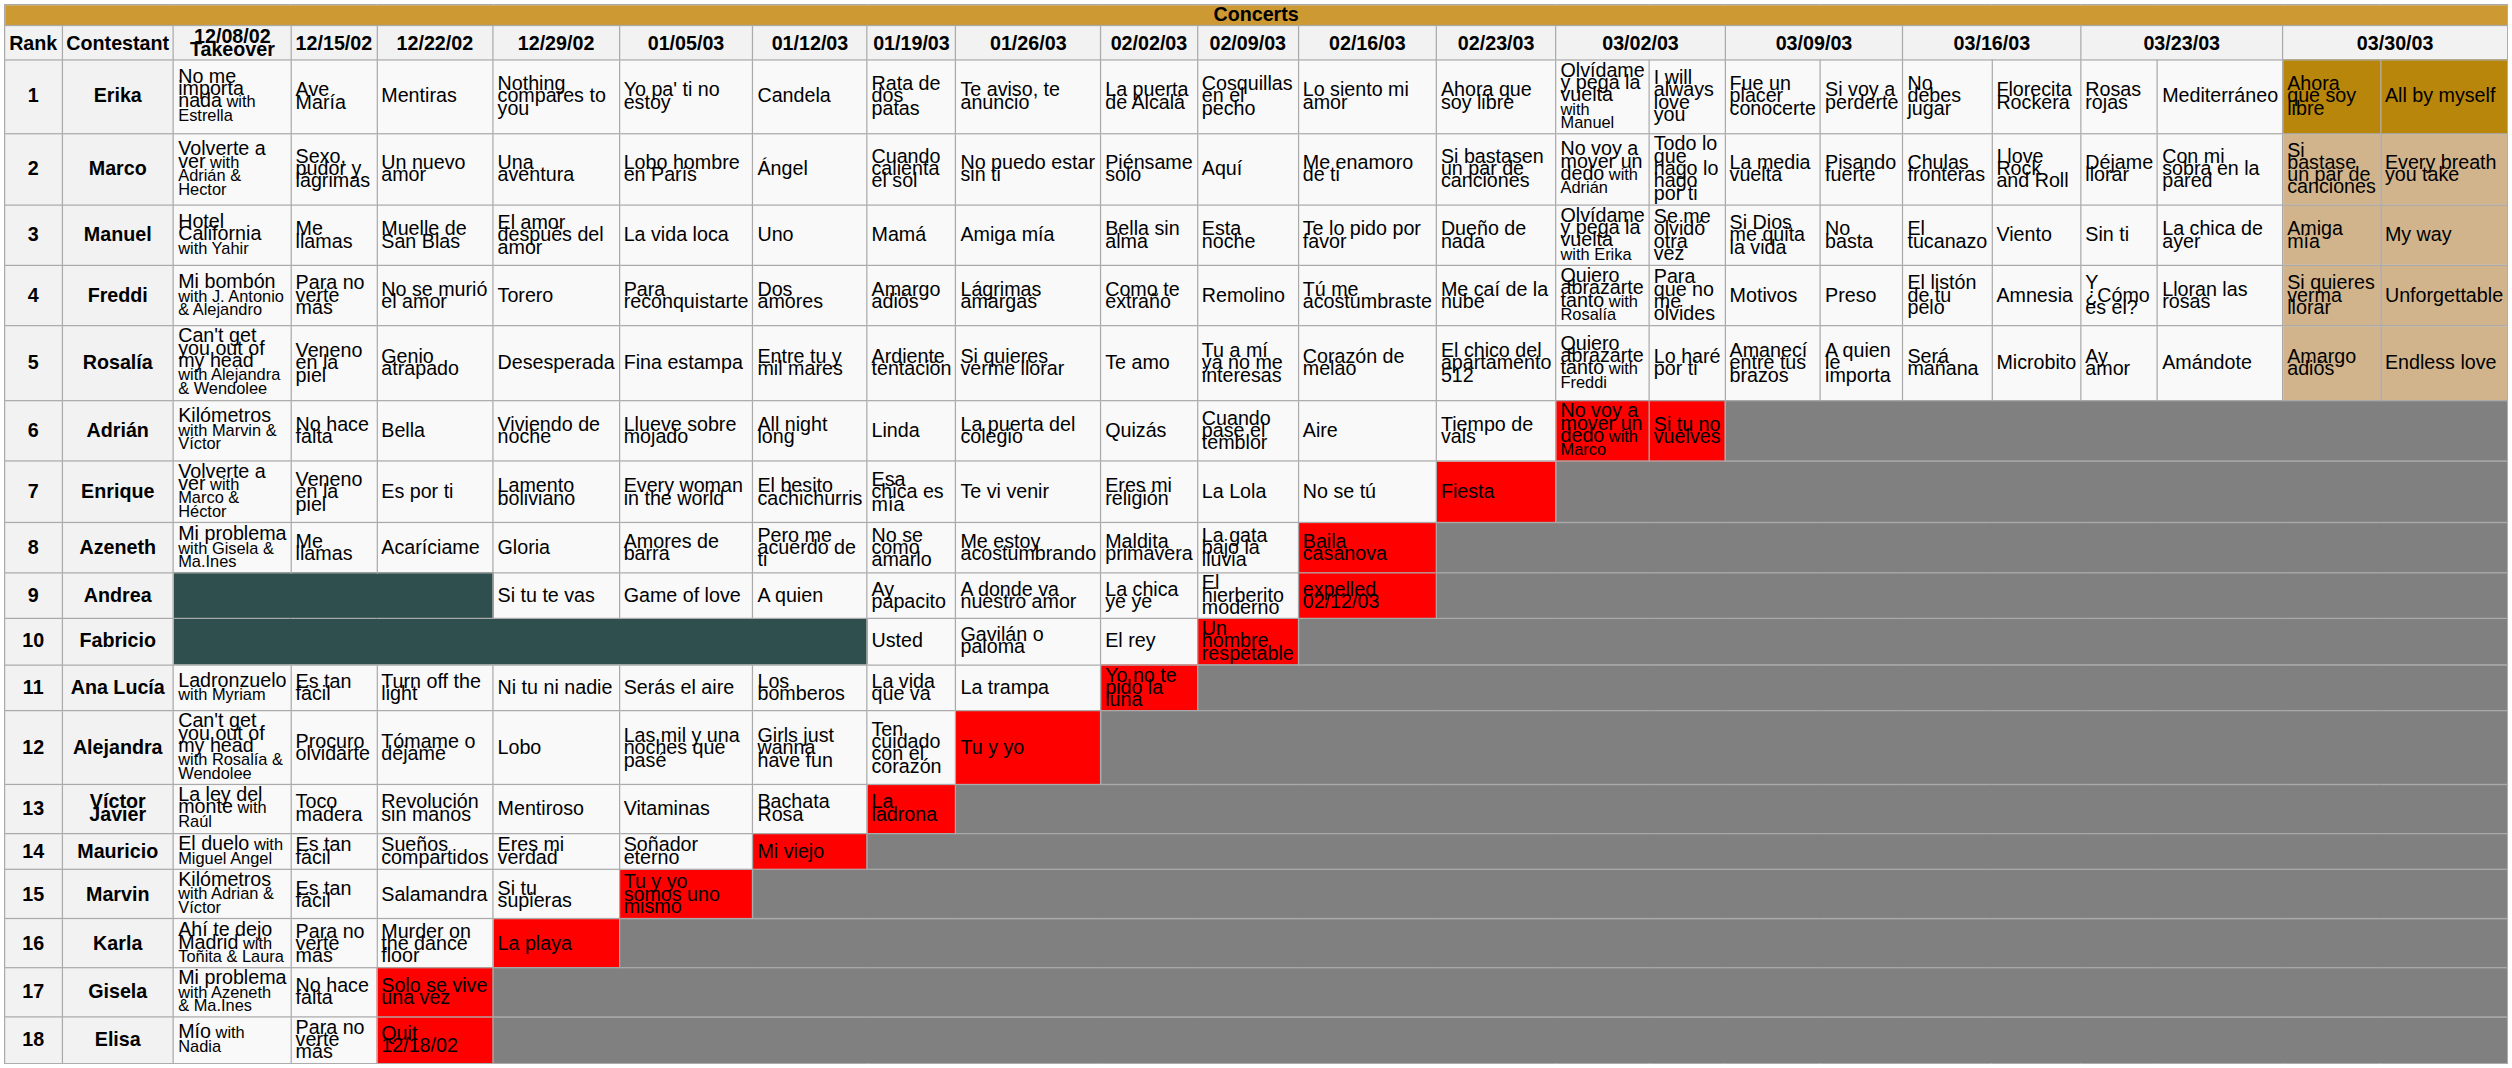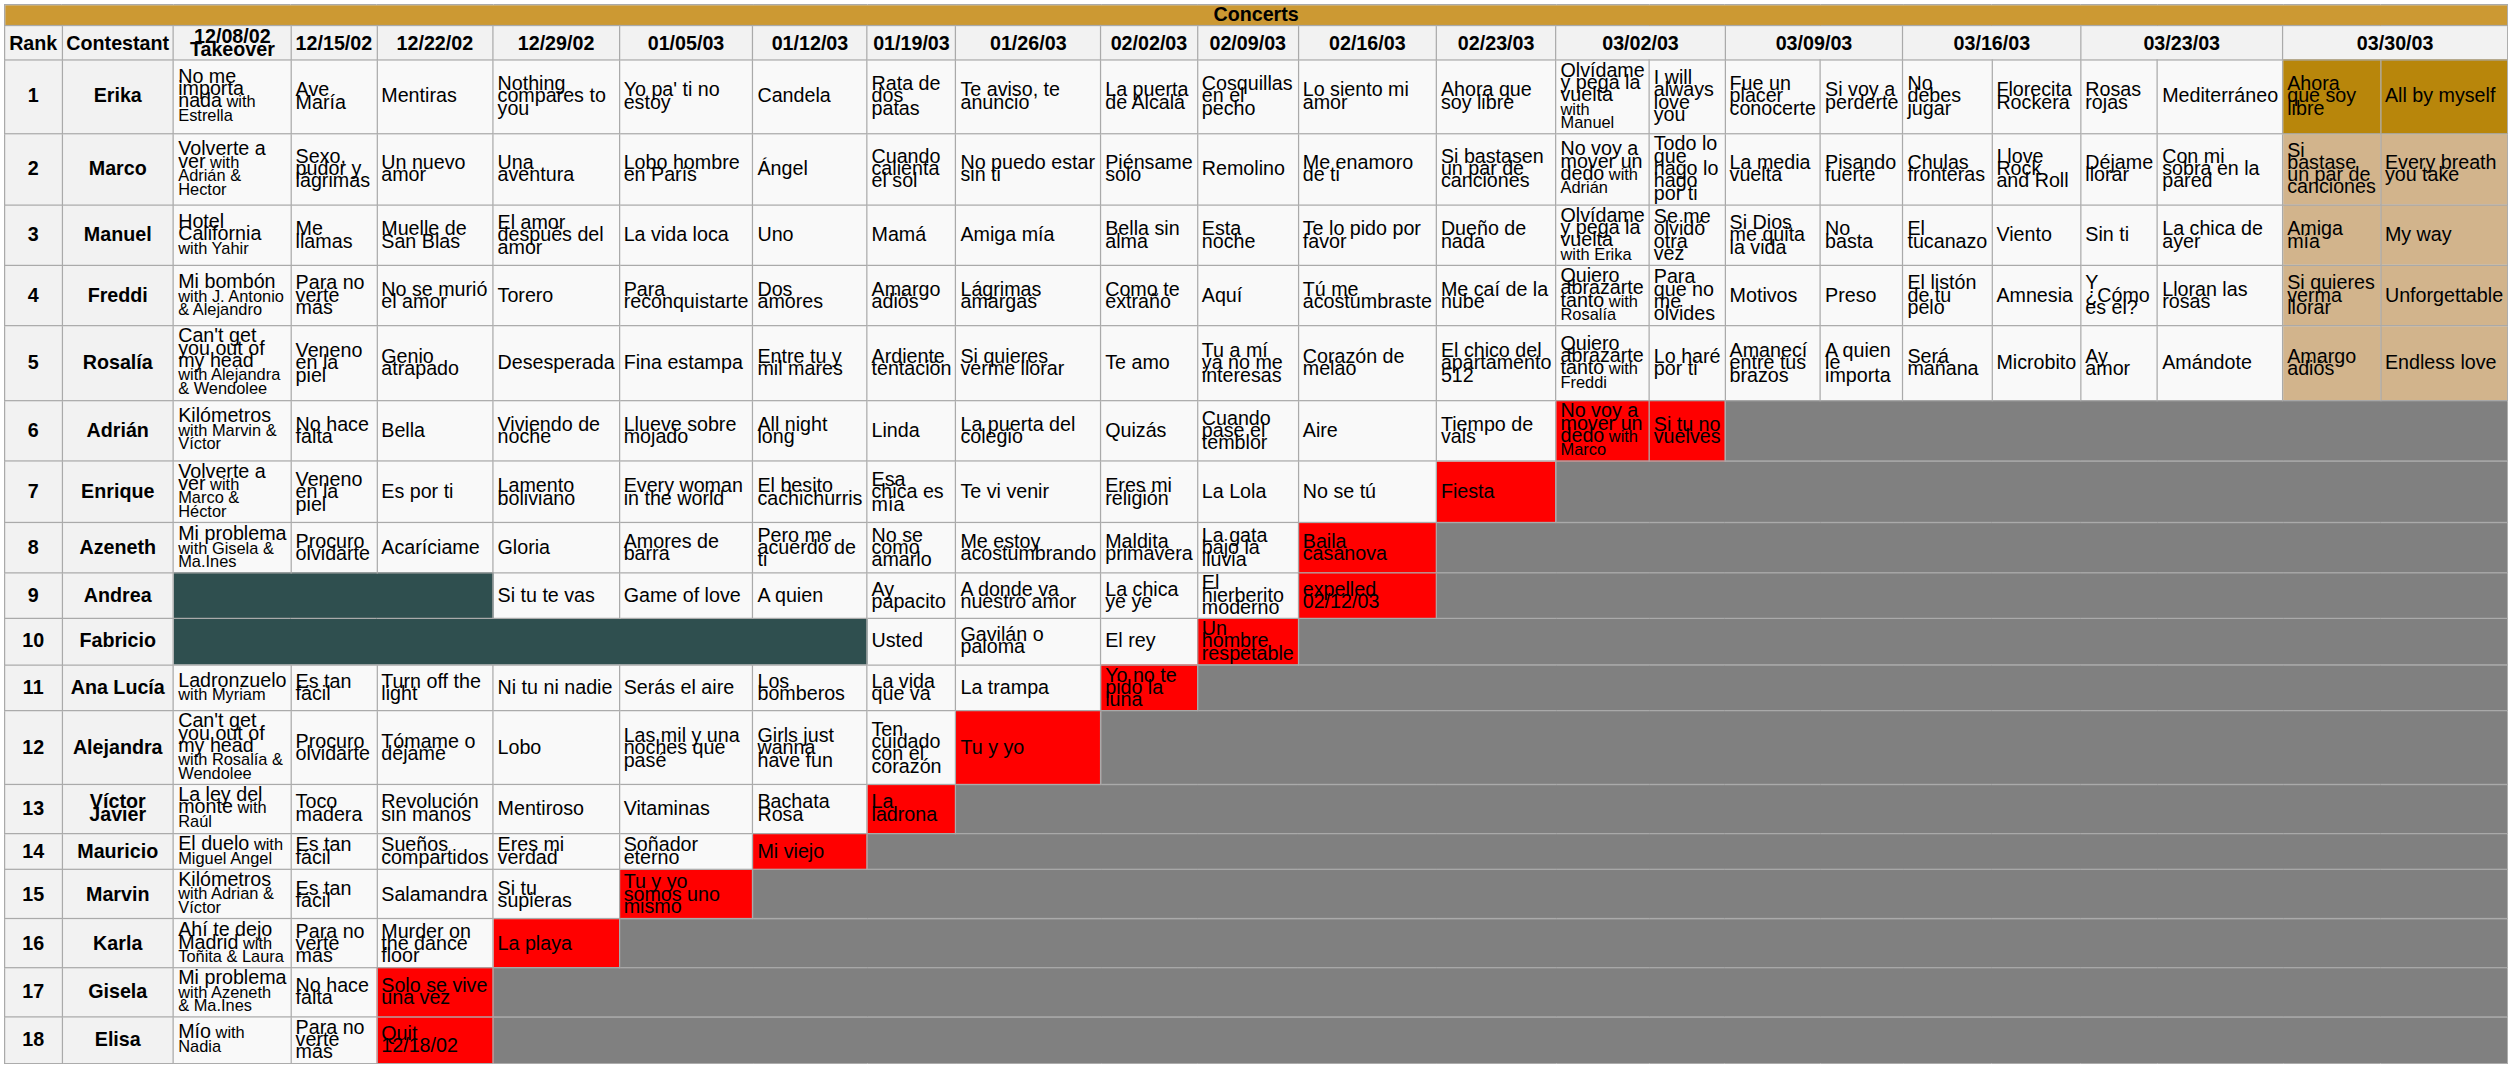 <table class="wikitable collapsible collapsed" style="text-align:left; line-height:10px; line-width:12px;">
 <tr>
 <th colspan="24" style="background:#c93;">Concerts</th>
 </tr>
 <tr>
 <th>Rank</th>
 <th>Contestant</th>
 <th>12/08/02 Takeover</th>
 <th>12/15/02</th>
 <th>12/22/02</th>
 <th>12/29/02</th>
 <th>01/05/03</th>
 <th>01/12/03</th>
 <th>01/19/03</th>
 <th>01/26/03</th>
 <th>02/02/03</th>
 <th>02/09/03</th>
 <th>02/16/03</th>
 <th>02/23/03</th>
 <th colspan="2">03/02/03</th>
 <th colspan="2">03/09/03</th>
 <th colspan="2">03/16/03</th>
 <th colspan="2">03/23/03</th>
 <th colspan="2">03/30/03</th>
 </tr>
 <tr>
 <th>1</th>
 <th>Erika</th>
 <td>No me importa nada<small> with Estrella</small></td>
 <td>Ave María</td>
 <td>Mentiras</td>
 <td>Nothing compares to you</td>
 <td>Yo pa' ti no estoy</td>
 <td>Candela</td>
 <td>Rata de dos patas</td>
 <td>Te aviso, te anuncio</td>
 <td>La puerta de Alcalá</td>
 <td>Cosquillas en el pecho</td>
 <td>Lo siento mi amor</td>
 <td>Ahora que soy libre</td>
 <td>Olvídame y pega la vuelta<small> with Manuel</small></td>
 <td>I will always love you</td>
 <td>Fue un placer conocerte</td>
 <td>Si voy a perderte</td>
 <td>No debes jugar</td>
 <td>Florecita Rockera</td>
 <td>Rosas rojas</td>
 <td>Mediterráneo</td>
 <td style="background:DarkGoldenrod;">Ahora que soy libre</td>
 <td style="background:DarkGoldenrod;">All by myself</td>
 </tr>
 <tr>
 <th>2</th>
 <th>Marco</th>
 <td>Volverte a ver<small> with Adrián & Hector</small></td>
 <td>Sexo, pudor y lágrimas</td>
 <td>Un nuevo amor</td>
 <td>Una aventura</td>
 <td>Lobo hombre en París</td>
 <td>Ángel</td>
 <td>Cuando calienta el sol</td>
 <td>No puedo estar sin ti</td>
 <td>Piénsame solo</td>
-<td>Aquí</td>
+<td>Remolino</td>
 <td>Me enamoro de ti</td>
 <td>Si bastasen un par de canciones</td>
 <td>No voy a mover un dedo<small> with Adrián</small></td>
 <td>Todo lo que hago lo hago por ti</td>
 <td>La media vuelta</td>
 <td>Pisando fuerte</td>
 <td>Chulas fronteras</td>
 <td>I love Rock and Roll</td>
 <td>Déjame llorar</td>
 <td>Con mi sobra en la pared</td>
 <td style="background:Tan;">Si bastase un par de canciones</td>
 <td style="background:Tan;">Every breath you take</td>
 </tr>
 <tr>
 <th>3</th>
 <th>Manuel</th>
 <td>Hotel California<small> with Yahir</small></td>
 <td>Me llamas</td>
 <td>Muelle de San Blas</td>
 <td>El amor después del amor</td>
 <td>La vida loca</td>
 <td>Uno</td>
 <td>Mamá</td>
 <td>Amiga mía</td>
 <td>Bella sin alma</td>
 <td>Esta noche</td>
 <td>Te lo pido por favor</td>
 <td>Dueño de nada</td>
 <td>Olvídame y pega la vuelta<small> with Erika</small></td>
 <td>Se me olvidó otra vez</td>
 <td>Si Dios me quita la vida</td>
 <td>No basta</td>
 <td>El tucanazo</td>
 <td>Viento</td>
 <td>Sin ti</td>
 <td>La chica de ayer</td>
 <td style="background:Tan;">Amiga mía</td>
 <td style="background:Tan;">My way</td>
 </tr>
 <tr>
 <th>4</th>
 <th>Freddi</th>
 <td>Mi bombón<small> with J. Antonio & Alejandro</small></td>
 <td>Para no verte más</td>
 <td>No se murió el amor</td>
 <td>Torero</td>
 <td>Para reconquistarte</td>
 <td>Dos amores</td>
 <td>Amargo adiós</td>
 <td>Lágrimas amargas</td>
 <td>Como te extraño</td>
-<td>Remolino</td>
+<td>Aquí</td>
 <td>Tú me acostumbraste</td>
 <td>Me caí de la nube</td>
 <td>Quiero abrazarte tanto<small> with Rosalía</small></td>
 <td>Para que no me olvides</td>
 <td>Motivos</td>
 <td>Preso</td>
 <td>El listón de tu pelo</td>
 <td>Amnesia</td>
 <td>Y ¿Cómo es él?</td>
 <td>Lloran las rosas</td>
 <td style="background:Tan;">Si quieres verma llorar</td>
 <td style="background:Tan;">Unforgettable</td>
 </tr>
 <tr>
 <th>5</th>
 <th>Rosalía</th>
 <td>Can't get you out of my head<small> with Alejandra & Wendolee</small></td>
 <td>Veneno en la piel</td>
 <td>Genio atrapado</td>
 <td>Desesperada</td>
 <td>Fina estampa</td>
 <td>Entre tu y mil mares</td>
 <td>Ardiente tentación</td>
 <td>Si quieres verme llorar</td>
 <td>Te amo</td>
 <td>Tu a mí ya no me interesas</td>
 <td>Corazón de melao</td>
 <td>El chico del apartamento 512</td>
 <td>Quiero abrazarte tanto<small> with Freddi</small><br></td>
 <td>Lo haré por ti</td>
 <td>Amanecí entre tus brazos</td>
 <td>A quien le importa</td>
 <td>Será mañana</td>
 <td>Microbito</td>
 <td>Ay amor</td>
 <td>Amándote</td>
 <td style="background:Tan;">Amargo adiós</td>
 <td style="background:Tan;">Endless love</td>
 </tr>
 <tr>
 <th>6</th>
 <th>Adrián</th>
 <td>Kilómetros<small> with Marvin & Víctor</small></td>
 <td>No hace falta</td>
 <td>Bella</td>
 <td>Viviendo de noche</td>
 <td>Llueve sobre mojado</td>
 <td>All night long</td>
 <td>Linda</td>
 <td>La puerta del colegio</td>
 <td>Quizás</td>
 <td>Cuando pase el temblor</td>
 <td>Aire</td>
 <td>Tiempo de vals</td>
 <td style="background:red;">No voy a mover un dedo<small> with Marco</small></td>
 <td style="background:red;">Si tu no vuelves</td>
 <td style="background:gray;" colspan="9"></td>
 </tr>
 <tr>
 <th>7</th>
 <th>Enrique</th>
 <td>Volverte a ver<small> with Marco & Héctor</small></td>
 <td>Veneno en la piel</td>
 <td>Es por ti</td>
 <td>Lamento boliviano</td>
 <td>Every woman in the world</td>
 <td>El besito cachichurris</td>
 <td>Esa chica es mía</td>
 <td>Te vi venir</td>
 <td>Eres mi religión</td>
 <td>La Lola</td>
 <td>No se tú</td>
 <td style="background:red;">Fiesta</td>
 <td style="background:gray;" colspan="10"></td>
 </tr>
 <tr>
 <th>8</th>
 <th>Azeneth</th>
 <td>Mi problema<small> with Gisela & Ma.Ines</small></td>
-<td>Me llamas</td>
+<td>Procuro olvidarte</td>
 <td>Acaríciame</td>
 <td>Gloria</td>
 <td>Amores de barra</td>
 <td>Pero me acuerdo de ti</td>
 <td>No se como amarlo</td>
 <td>Me estoy acostumbrando</td>
 <td>Maldita primavera</td>
 <td>La gata bajo la lluvia</td>
 <td style="background:red;">Baila casanova</td>
 <td style="background:gray;" colspan="11"></td>
 </tr>
 <tr>
 <th>9</th>
 <th>Andrea</th>
 <td style="background:DarkSlategrey;" colspan="3"></td>
 <td>Si tu te vas</td>
 <td>Game of love</td>
 <td>A quien</td>
 <td>Ay papacito</td>
 <td>A donde va nuestro amor</td>
 <td>La chica ye ye</td>
 <td>El hierberito moderno</td>
 <td style="background:red;">expelled 02/12/03</td>
 <td style="background:gray;" colspan="11"></td>
 </tr>
 <tr>
 <th>10</th>
 <th>Fabricio</th>
 <td style="background:DarkSlategrey;" colspan="6"></td>
 <td>Usted</td>
 <td>Gavilán o paloma</td>
 <td>El rey</td>
 <td style="background:red;">Un hombre respetable</td>
 <td style="background:gray;" colspan="13"></td>
 </tr>
 <tr>
 <th>11</th>
 <th>Ana Lucía</th>
 <td>Ladronzuelo<small> with Myriam</small></td>
 <td>Es tan fácil</td>
 <td>Turn off the light</td>
 <td>Ni tu ni nadie</td>
 <td>Serás el aire</td>
 <td>Los bomberos</td>
 <td>La vida que va</td>
 <td>La trampa</td>
 <td style="background:red;">Yo no te pido la luna</td>
 <td style="background:gray;" colspan="14"></td>
 </tr>
 <tr>
 <th>12</th>
 <th>Alejandra</th>
 <td>Can't get you out of my head<small> with Rosalía & Wendolee</small></td>
 <td>Procuro olvidarte</td>
 <td>Tómame o déjame</td>
 <td>Lobo</td>
 <td>Las mil y una noches que pasé</td>
 <td>Girls just wanna have fun</td>
 <td>Ten cuidado con el corazón</td>
 <td style="background:red;">Tu y yo</td>
 <td style="background:gray;" colspan="15"></td>
 </tr>
 <tr>
 <th>13</th>
 <th>Víctor Javier</th>
 <td>La ley del monte<small> with Raúl</small></td>
 <td>Toco madera</td>
 <td>Revolución sin manos</td>
 <td>Mentiroso</td>
 <td>Vitaminas</td>
 <td>Bachata Rosa</td>
 <td style="background:red;">La ladrona</td>
 <td style="background:gray;" colspan="16"></td>
 </tr>
 <tr>
 <th>14</th>
 <th>Mauricio</th>
 <td>El duelo<small> with Miguel Angel</small></td>
 <td>Es tan fácil</td>
 <td>Sueños compartidos</td>
 <td>Eres mi verdad</td>
 <td>Soñador eterno</td>
 <td style="background:red;">Mi viejo</td>
 <td style="background:gray;" colspan="17"></td>
 </tr>
 <tr>
 <th>15</th>
 <th>Marvin</th>
 <td>Kilómetros<small> with Adrian & Víctor</small></td>
 <td>Es tan fácil</td>
 <td>Salamandra</td>
 <td>Si tu supieras</td>
 <td style="background:red;">Tu y yo somos uno mismo</td>
 <td style="background:gray;" colspan="18"></td>
 </tr>
 <tr>
 <th>16</th>
 <th>Karla</th>
 <td>Ahí te dejo Madrid<small> with Toñita & Laura</small></td>
 <td>Para no verte más</td>
 <td>Murder on the dance floor</td>
 <td style="background:red;">La playa</td>
 <td style="background:gray;" colspan="19"></td>
 </tr>
 <tr>
 <th>17</th>
 <th>Gisela</th>
 <td>Mi problema<small> with Azeneth & Ma.Ines</small></td>
 <td>No hace falta</td>
 <td style="background:red;">Solo se vive una vez</td>
 <td style="background:gray;" colspan="20"></td>
 </tr>
 <tr>
 <th>18</th>
 <th>Elisa</th>
 <td>Mío<small> with Nadia</small></td>
 <td>Para no verte más</td>
 <td style="background:red;">Quit 12/18/02</td>
 <td style="background:gray;" colspan="21"></td>
 </tr>
 </table>
